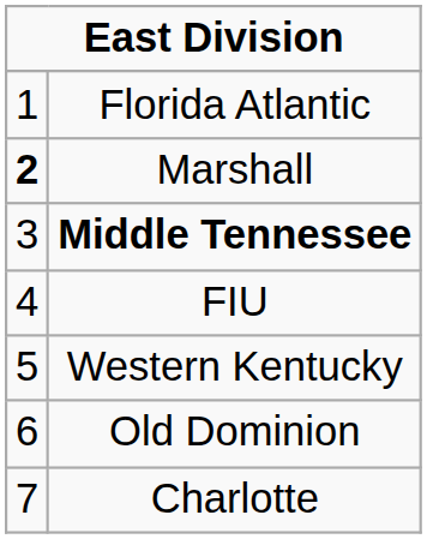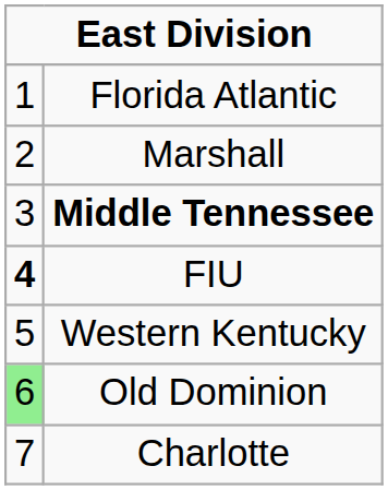 <table class="wikitable">
 <tr align="center">
 <td align="center" Colspan="3"><strong>East Division</strong></td>
 </tr>
 <tr align="center">
 </tr>
 <tr align="center">
 <td>1</td>
 <td>Florida Atlantic</td>
 </tr>
 <tr align="center">
-<td><strong>2</strong></td>
+<td>2</td>
 <td>Marshall</td>
 </tr>
 <tr align="center">
 <td>3</td>
 <td><strong>Middle Tennessee</strong></td>
 </tr>
 <tr align="center">
-<td>4</td>
+<td><strong>4</strong></td>
 <td>FIU</td>
 </tr>
 <tr align="center">
 <td>5</td>
 <td>Western Kentucky</td>
 </tr>
 <tr align="center">
-<td>6</td>
+<td style="background: lightgreen;">6</td>
 <td>Old Dominion</td>
 </tr>
 <tr align="center">
 <td>7</td>
 <td>Charlotte</td>
 </tr>
 </table>
